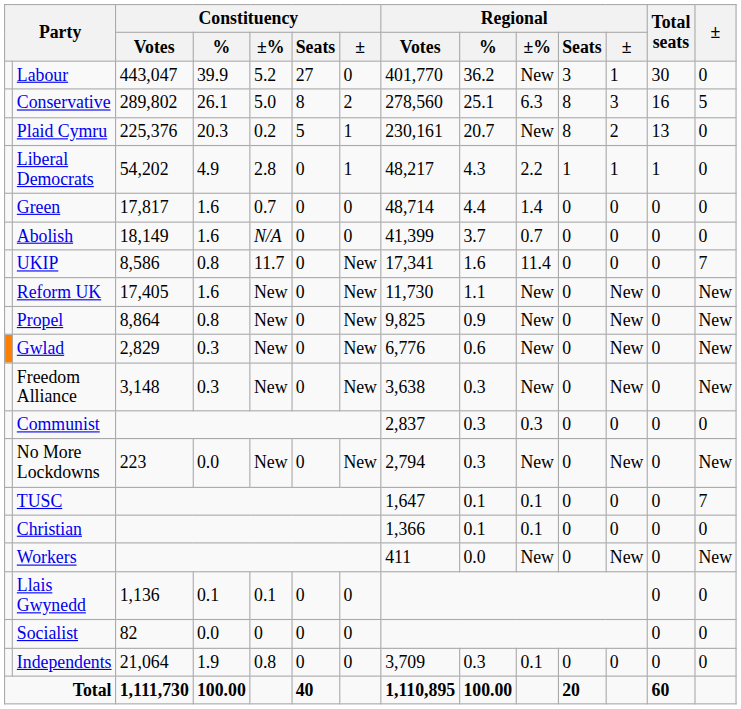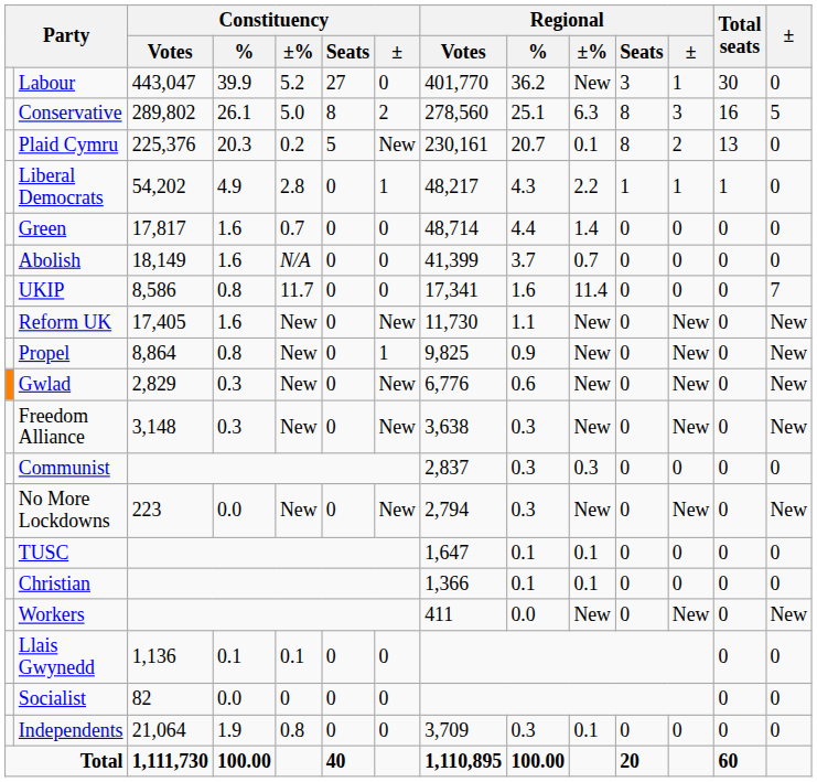 <table class="wikitable sortable">
 <tr>
 <th colspan="2" rowspan="2">Party</th>
 <th colspan="5">Constituency</th>
 <th colspan="5">Regional</th>
 <th rowspan="2">Total<br>seats</th>
 <th rowspan="2">±</th>
 </tr>
 <tr>
 <th>Votes</th>
 <th>%</th>
 <th>±%</th>
 <th>Seats</th>
 <th>±</th>
 <th>Votes</th>
 <th>%</th>
 <th>±%</th>
 <th>Seats</th>
 <th>±</th>
 </tr>
 <tr>
 <td style="color:inherit;background:"></td>
 <td><a href='#'>Labour</a></td>
 <td>443,047</td>
 <td>39.9</td>
 <td>5.2</td>
 <td>27</td>
 <td>0</td>
 <td>401,770</td>
 <td>36.2</td>
 <td>New</td>
 <td>3</td>
 <td>1</td>
 <td>30</td>
 <td>0</td>
 </tr>
 <tr>
 <td style="color:inherit;background:"></td>
 <td><a href='#'>Conservative</a></td>
 <td>289,802</td>
 <td>26.1</td>
 <td>5.0</td>
 <td>8</td>
 <td>2</td>
 <td>278,560</td>
 <td>25.1</td>
 <td>6.3</td>
 <td>8</td>
 <td>3</td>
 <td>16</td>
 <td>5</td>
 </tr>
 <tr>
 <td style="color:inherit;background:"></td>
 <td><a href='#'>Plaid Cymru</a></td>
 <td>225,376</td>
 <td>20.3</td>
 <td>0.2</td>
 <td>5</td>
-<td>1</td>
+<td>New</td>
 <td>230,161</td>
 <td>20.7</td>
-<td>New</td>
+<td>0.1</td>
 <td>8</td>
 <td>2</td>
 <td>13</td>
 <td>0</td>
 </tr>
 <tr>
 <td style="color:inherit;background:"></td>
 <td><a href='#'>Liberal Democrats</a></td>
 <td>54,202</td>
 <td>4.9</td>
 <td>2.8</td>
 <td>0</td>
 <td>1</td>
 <td>48,217</td>
 <td>4.3</td>
 <td>2.2</td>
 <td>1</td>
 <td>1</td>
 <td>1</td>
 <td>0</td>
 </tr>
 <tr>
 <td style="color:inherit;background:"></td>
 <td><a href='#'>Green</a></td>
 <td>17,817</td>
 <td>1.6</td>
 <td>0.7</td>
 <td>0</td>
 <td>0</td>
 <td>48,714</td>
 <td>4.4</td>
 <td>1.4</td>
 <td>0</td>
 <td>0</td>
 <td>0</td>
 <td>0</td>
 </tr>
 <tr>
 <td style="color:inherit;background:"></td>
 <td><a href='#'>Abolish</a></td>
 <td>18,149</td>
 <td>1.6</td>
 <td><em>N/A</em></td>
 <td>0</td>
 <td>0</td>
 <td>41,399</td>
 <td>3.7</td>
 <td>0.7</td>
 <td>0</td>
 <td>0</td>
 <td>0</td>
 <td>0</td>
 </tr>
 <tr>
 <td style="color:inherit;background:"></td>
 <td><a href='#'>UKIP</a></td>
 <td>8,586</td>
 <td>0.8</td>
 <td>11.7</td>
 <td>0</td>
-<td>New</td>
+<td>0</td>
 <td>17,341</td>
 <td>1.6</td>
 <td>11.4</td>
 <td>0</td>
 <td>0</td>
 <td>0</td>
 <td>7</td>
 </tr>
 <tr>
 <td style="color:inherit;background:"></td>
 <td><a href='#'>Reform UK</a></td>
 <td>17,405</td>
 <td>1.6</td>
 <td>New</td>
 <td>0</td>
 <td>New</td>
 <td>11,730</td>
 <td>1.1</td>
 <td>New</td>
 <td>0</td>
 <td>New</td>
 <td>0</td>
 <td>New</td>
 </tr>
 <tr>
 <td style="color:inherit;background:"></td>
 <td><a href='#'>Propel</a></td>
 <td>8,864</td>
 <td>0.8</td>
 <td>New</td>
 <td>0</td>
-<td>New</td>
+<td>1</td>
 <td>9,825</td>
 <td>0.9</td>
 <td>New</td>
 <td>0</td>
 <td>New</td>
 <td>0</td>
 <td>New</td>
 </tr>
 <tr>
 <td style="color:inherit;background:#ff8000"></td>
 <td><a href='#'>Gwlad</a></td>
 <td>2,829</td>
 <td>0.3</td>
 <td>New</td>
 <td>0</td>
 <td>New</td>
 <td>6,776</td>
 <td>0.6</td>
 <td>New</td>
 <td>0</td>
 <td>New</td>
 <td>0</td>
 <td>New</td>
 </tr>
 <tr>
 <td style="color:inherit;background:"></td>
 <td>Freedom Alliance</td>
 <td>3,148</td>
 <td>0.3</td>
 <td>New</td>
 <td>0</td>
 <td>New</td>
 <td>3,638</td>
 <td>0.3</td>
 <td>New</td>
 <td>0</td>
 <td>New</td>
 <td>0</td>
 <td>New</td>
 </tr>
 <tr>
 <td style="color:inherit;background:"></td>
 <td><a href='#'>Communist</a></td>
 <td colspan="5"></td>
 <td>2,837</td>
 <td>0.3</td>
 <td>0.3</td>
 <td>0</td>
 <td>0</td>
 <td>0</td>
 <td>0</td>
 </tr>
 <tr>
 <td></td>
 <td>No More Lockdowns</td>
 <td>223</td>
 <td>0.0</td>
 <td>New</td>
 <td>0</td>
 <td>New</td>
 <td>2,794</td>
 <td>0.3</td>
 <td>New</td>
 <td>0</td>
 <td>New</td>
 <td>0</td>
 <td>New</td>
 </tr>
 <tr>
 <td style="color:inherit;background:"></td>
 <td><a href='#'>TUSC</a></td>
 <td colspan="5"></td>
 <td>1,647</td>
 <td>0.1</td>
 <td>0.1</td>
 <td>0</td>
 <td>0</td>
 <td>0</td>
-<td>7</td>
+<td>0</td>
 </tr>
 <tr>
 <td style="color:inherit;background:"></td>
 <td><a href='#'>Christian</a></td>
 <td colspan="5"></td>
 <td>1,366</td>
 <td>0.1</td>
 <td>0.1</td>
 <td>0</td>
 <td>0</td>
 <td>0</td>
 <td>0</td>
 </tr>
 <tr>
 <td style="color:inherit;background:"></td>
 <td><a href='#'>Workers</a></td>
 <td colspan="5"></td>
 <td>411</td>
 <td>0.0</td>
 <td>New</td>
 <td>0</td>
 <td>New</td>
 <td>0</td>
 <td>New</td>
 </tr>
 <tr>
 <td></td>
 <td><a href='#'>Llais Gwynedd</a></td>
 <td>1,136</td>
 <td>0.1</td>
 <td>0.1</td>
 <td>0</td>
 <td>0</td>
 <td colspan="5"></td>
 <td>0</td>
 <td>0</td>
 </tr>
 <tr>
 <td style="color:inherit;background:"></td>
 <td><a href='#'>Socialist</a></td>
 <td>82</td>
 <td>0.0</td>
 <td>0</td>
 <td>0</td>
 <td>0</td>
 <td colspan="5"></td>
 <td>0</td>
 <td>0</td>
 </tr>
 <tr>
 <td style="color:inherit;background:"></td>
 <td><a href='#'>Independents</a></td>
 <td>21,064</td>
 <td>1.9</td>
 <td>0.8</td>
 <td>0</td>
 <td>0</td>
 <td>3,709</td>
 <td>0.3</td>
 <td>0.1</td>
 <td>0</td>
 <td>0</td>
 <td>0</td>
 <td>0</td>
 </tr>
 <tr>
 <td colspan="2" align="right"><strong>Total</strong></td>
 <td><strong>1,111,730</strong></td>
 <td><strong>100.00</strong></td>
 <td></td>
 <td><strong>40</strong></td>
 <td></td>
 <td><strong>1,110,895</strong></td>
 <td><strong>100.00</strong></td>
 <td></td>
 <td><strong>20</strong></td>
 <td></td>
 <td><strong>60</strong></td>
 <td></td>
 </tr>
 </table>
